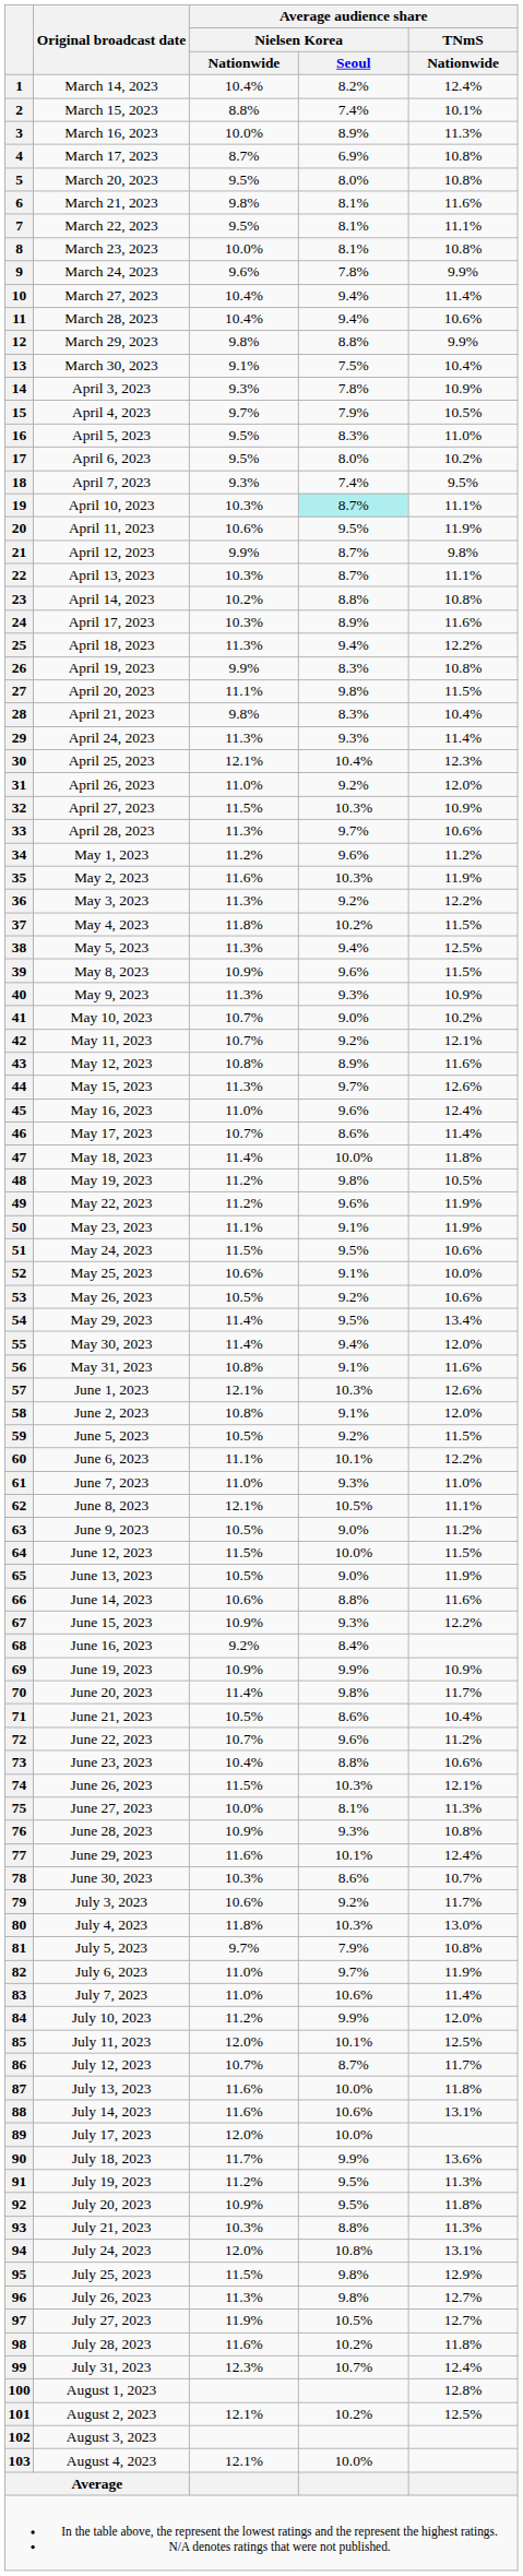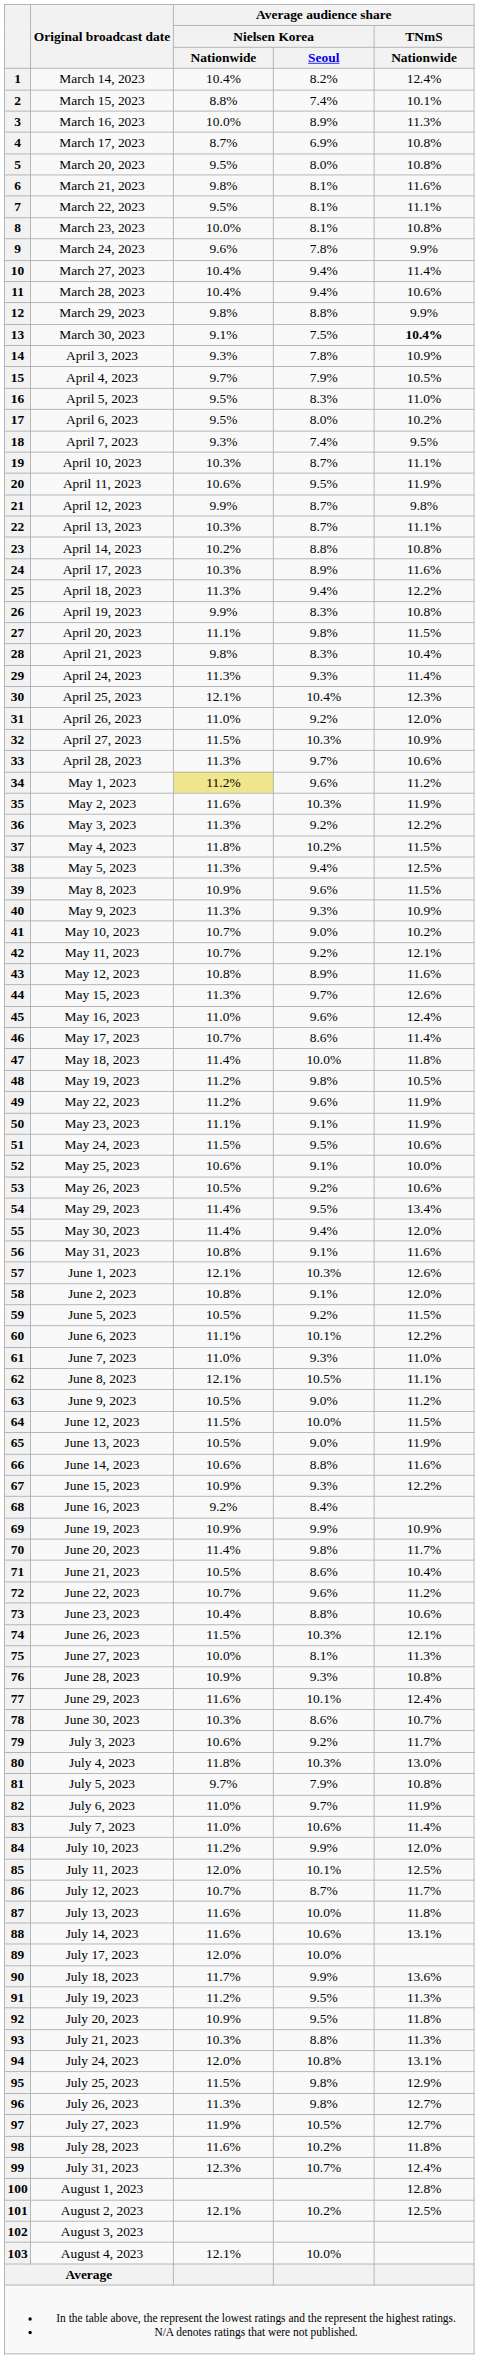 <table class="wikitable plainrowheaders" style="text-align:center; max-width:600px; margin-left:auto; margin-right:auto">
 <tr>
 <th rowspan="3"></th>
 <th rowspan="3">Original broadcast date</th>
 <th colspan="3">Average audience share</th>
 </tr>
 <tr>
 <th colspan="2">Nielsen Korea</th>
 <th scope="col">TNmS</th>
 </tr>
 <tr>
 <th scope="col" style="width:7em">Nationwide</th>
 <th scope="col" style="width:7em"><a href='#'>Seoul</a></th>
 <th scope="col" style="width:7em">Nationwide</th>
 </tr>
 <tr>
 <th>1</th>
 <td>March 14, 2023</td>
 <td>10.4% </td>
 <td>8.2% </td>
 <td>12.4% </td>
 </tr>
 <tr>
 <th>2</th>
 <td>March 15, 2023</td>
 <td>8.8% </td>
 <td>7.4% </td>
 <td>10.1% </td>
 </tr>
 <tr>
 <th>3</th>
 <td>March 16, 2023</td>
 <td>10.0% </td>
 <td>8.9% </td>
 <td>11.3% </td>
 </tr>
 <tr>
 <th>4</th>
 <td>March 17, 2023</td>
 <td>8.7% </td>
 <td>6.9% </td>
 <td>10.8% </td>
 </tr>
 <tr>
 <th>5</th>
 <td>March 20, 2023</td>
 <td>9.5% </td>
 <td>8.0% </td>
 <td>10.8% </td>
 </tr>
 <tr>
 <th>6</th>
 <td>March 21, 2023</td>
 <td>9.8% </td>
 <td>8.1% </td>
 <td>11.6% </td>
 </tr>
 <tr>
 <th>7</th>
 <td>March 22, 2023</td>
 <td>9.5% </td>
 <td>8.1% </td>
 <td>11.1% </td>
 </tr>
 <tr>
 <th>8</th>
 <td>March 23, 2023</td>
 <td>10.0% </td>
 <td>8.1% </td>
 <td>10.8% </td>
 </tr>
 <tr>
 <th>9</th>
 <td>March 24, 2023</td>
 <td>9.6% </td>
 <td>7.8% </td>
 <td>9.9% </td>
 </tr>
 <tr>
 <th>10</th>
 <td>March 27, 2023</td>
 <td>10.4% </td>
 <td>9.4% </td>
 <td>11.4% </td>
 </tr>
 <tr>
 <th>11</th>
 <td>March 28, 2023</td>
 <td>10.4% </td>
 <td>9.4% </td>
 <td>10.6% </td>
 </tr>
 <tr>
 <th>12</th>
 <td>March 29, 2023</td>
 <td>9.8% </td>
 <td>8.8% </td>
 <td>9.9% </td>
 </tr>
 <tr>
 <th>13</th>
 <td>March 30, 2023</td>
 <td>9.1% </td>
 <td>7.5% </td>
-<td>10.4% </td>
+<td><strong>10.4% </strong></td>
 </tr>
 <tr>
 <th>14</th>
 <td>April 3, 2023</td>
 <td>9.3% </td>
 <td>7.8% </td>
 <td>10.9% </td>
 </tr>
 <tr>
 <th>15</th>
 <td>April 4, 2023</td>
 <td>9.7% </td>
 <td>7.9% </td>
 <td>10.5% </td>
 </tr>
 <tr>
 <th>16</th>
 <td>April 5, 2023</td>
 <td>9.5% </td>
 <td>8.3% </td>
 <td>11.0% </td>
 </tr>
 <tr>
 <th>17</th>
 <td>April 6, 2023</td>
 <td>9.5% </td>
 <td>8.0% </td>
 <td>10.2% </td>
 </tr>
 <tr>
 <th>18</th>
 <td>April 7, 2023</td>
 <td>9.3% </td>
 <td>7.4% </td>
 <td>9.5% </td>
 </tr>
 <tr>
 <th>19</th>
 <td>April 10, 2023</td>
 <td>10.3% </td>
-<td style="background: paleturquoise;">8.7% </td>
+<td>8.7% </td>
 <td>11.1% </td>
 </tr>
 <tr>
 <th>20</th>
 <td>April 11, 2023</td>
 <td>10.6% </td>
 <td>9.5% </td>
 <td>11.9% </td>
 </tr>
 <tr>
 <th>21</th>
 <td>April 12, 2023</td>
 <td>9.9% </td>
 <td>8.7% </td>
 <td>9.8% </td>
 </tr>
 <tr>
 <th>22</th>
 <td>April 13, 2023</td>
 <td>10.3% </td>
 <td>8.7% </td>
 <td>11.1% </td>
 </tr>
 <tr>
 <th>23</th>
 <td>April 14, 2023</td>
 <td>10.2% </td>
 <td>8.8% </td>
 <td>10.8% </td>
 </tr>
 <tr>
 <th>24</th>
 <td>April 17, 2023</td>
 <td>10.3% </td>
 <td>8.9% </td>
 <td>11.6% </td>
 </tr>
 <tr>
 <th>25</th>
 <td>April 18, 2023</td>
 <td>11.3% </td>
 <td>9.4% </td>
 <td>12.2% </td>
 </tr>
 <tr>
 <th>26</th>
 <td>April 19, 2023</td>
 <td>9.9% </td>
 <td>8.3% </td>
 <td>10.8% </td>
 </tr>
 <tr>
 <th>27</th>
 <td>April 20, 2023</td>
 <td>11.1% </td>
 <td>9.8% </td>
 <td>11.5% </td>
 </tr>
 <tr>
 <th>28</th>
 <td>April 21, 2023</td>
 <td>9.8% </td>
 <td>8.3% </td>
 <td>10.4% </td>
 </tr>
 <tr>
 <th>29</th>
 <td>April 24, 2023</td>
 <td>11.3% </td>
 <td>9.3% </td>
 <td>11.4% </td>
 </tr>
 <tr>
 <th>30</th>
 <td>April 25, 2023</td>
 <td>12.1% </td>
 <td>10.4% </td>
 <td>12.3% </td>
 </tr>
 <tr>
 <th>31</th>
 <td>April 26, 2023</td>
 <td>11.0% </td>
 <td>9.2% </td>
 <td>12.0% </td>
 </tr>
 <tr>
 <th>32</th>
 <td>April 27, 2023</td>
 <td>11.5% </td>
 <td>10.3% </td>
 <td>10.9% </td>
 </tr>
 <tr>
 <th>33</th>
 <td>April 28, 2023</td>
 <td>11.3% </td>
 <td>9.7% </td>
 <td>10.6% </td>
 </tr>
 <tr>
 <th>34</th>
 <td>May 1, 2023</td>
-<td>11.2% </td>
+<td style="background: khaki;">11.2% </td>
 <td>9.6% </td>
 <td>11.2% </td>
 </tr>
 <tr>
 <th>35</th>
 <td>May 2, 2023</td>
 <td>11.6% </td>
 <td>10.3% </td>
 <td>11.9% </td>
 </tr>
 <tr>
 <th>36</th>
 <td>May 3, 2023</td>
 <td>11.3% </td>
 <td>9.2% </td>
 <td>12.2% </td>
 </tr>
 <tr>
 <th>37</th>
 <td>May 4, 2023</td>
 <td>11.8% </td>
 <td>10.2% </td>
 <td>11.5% </td>
 </tr>
 <tr>
 <th>38</th>
 <td>May 5, 2023</td>
 <td>11.3% </td>
 <td>9.4% </td>
 <td>12.5% </td>
 </tr>
 <tr>
 <th>39</th>
 <td>May 8, 2023</td>
 <td>10.9% </td>
 <td>9.6% </td>
 <td>11.5% </td>
 </tr>
 <tr>
 <th>40</th>
 <td>May 9, 2023</td>
 <td>11.3% </td>
 <td>9.3% </td>
 <td>10.9% </td>
 </tr>
 <tr>
 <th>41</th>
 <td>May 10, 2023</td>
 <td>10.7% </td>
 <td>9.0% </td>
 <td>10.2% </td>
 </tr>
 <tr>
 <th>42</th>
 <td>May 11, 2023</td>
 <td>10.7% </td>
 <td>9.2% </td>
 <td>12.1% </td>
 </tr>
 <tr>
 <th>43</th>
 <td>May 12, 2023</td>
 <td>10.8% </td>
 <td>8.9% </td>
 <td>11.6% </td>
 </tr>
 <tr>
 <th>44</th>
 <td>May 15, 2023</td>
 <td>11.3% </td>
 <td>9.7% </td>
 <td>12.6% </td>
 </tr>
 <tr>
 <th>45</th>
 <td>May 16, 2023</td>
 <td>11.0% </td>
 <td>9.6% </td>
 <td>12.4% </td>
 </tr>
 <tr>
 <th>46</th>
 <td>May 17, 2023</td>
 <td>10.7% </td>
 <td>8.6% </td>
 <td>11.4% </td>
 </tr>
 <tr>
 <th>47</th>
 <td>May 18, 2023</td>
 <td>11.4% </td>
 <td>10.0% </td>
 <td>11.8% </td>
 </tr>
 <tr>
 <th>48</th>
 <td>May 19, 2023</td>
 <td>11.2% </td>
 <td>9.8% </td>
 <td>10.5% </td>
 </tr>
 <tr>
 <th>49</th>
 <td>May 22, 2023</td>
 <td>11.2% </td>
 <td>9.6% </td>
 <td>11.9% </td>
 </tr>
 <tr>
 <th>50</th>
 <td>May 23, 2023</td>
 <td>11.1% </td>
 <td>9.1% </td>
 <td>11.9% </td>
 </tr>
 <tr>
 <th>51</th>
 <td>May 24, 2023</td>
 <td>11.5% </td>
 <td>9.5% </td>
 <td>10.6% </td>
 </tr>
 <tr>
 <th>52</th>
 <td>May 25, 2023</td>
 <td>10.6% </td>
 <td>9.1% </td>
 <td>10.0% </td>
 </tr>
 <tr>
 <th>53</th>
 <td>May 26, 2023</td>
 <td>10.5% </td>
 <td>9.2% </td>
 <td>10.6% </td>
 </tr>
 <tr>
 <th>54</th>
 <td>May 29, 2023</td>
 <td>11.4% </td>
 <td>9.5% </td>
 <td>13.4% </td>
 </tr>
 <tr>
 <th>55</th>
 <td>May 30, 2023</td>
 <td>11.4% </td>
 <td>9.4% </td>
 <td>12.0% </td>
 </tr>
 <tr>
 <th>56</th>
 <td>May 31, 2023</td>
 <td>10.8% </td>
 <td>9.1% </td>
 <td>11.6% </td>
 </tr>
 <tr>
 <th>57</th>
 <td>June 1, 2023</td>
 <td>12.1% </td>
 <td>10.3% </td>
 <td>12.6% </td>
 </tr>
 <tr>
 <th>58</th>
 <td>June 2, 2023</td>
 <td>10.8% </td>
 <td>9.1% </td>
 <td>12.0% </td>
 </tr>
 <tr>
 <th>59</th>
 <td>June 5, 2023</td>
 <td>10.5% </td>
 <td>9.2% </td>
 <td>11.5% </td>
 </tr>
 <tr>
 <th>60</th>
 <td>June 6, 2023</td>
 <td>11.1% </td>
 <td>10.1% </td>
 <td>12.2% </td>
 </tr>
 <tr>
 <th>61</th>
 <td>June 7, 2023</td>
 <td>11.0% </td>
 <td>9.3% </td>
 <td>11.0% </td>
 </tr>
 <tr>
 <th>62</th>
 <td>June 8, 2023</td>
 <td>12.1% </td>
 <td>10.5% </td>
 <td>11.1% </td>
 </tr>
 <tr>
 <th>63</th>
 <td>June 9, 2023</td>
 <td>10.5% </td>
 <td>9.0% </td>
 <td>11.2% </td>
 </tr>
 <tr>
 <th>64</th>
 <td>June 12, 2023</td>
 <td>11.5% </td>
 <td>10.0% </td>
 <td>11.5% </td>
 </tr>
 <tr>
 <th>65</th>
 <td>June 13, 2023</td>
 <td>10.5% </td>
 <td>9.0% </td>
 <td>11.9% </td>
 </tr>
 <tr>
 <th>66</th>
 <td>June 14, 2023</td>
 <td>10.6% </td>
 <td>8.8% </td>
 <td>11.6% </td>
 </tr>
 <tr>
 <th>67</th>
 <td>June 15, 2023</td>
 <td>10.9% </td>
 <td>9.3% </td>
 <td>12.2% </td>
 </tr>
 <tr>
 <th>68</th>
 <td>June 16, 2023</td>
 <td>9.2% </td>
 <td>8.4% </td>
 <td></td>
 </tr>
 <tr>
 <th>69</th>
 <td>June 19, 2023</td>
 <td>10.9% </td>
 <td>9.9% </td>
 <td>10.9% </td>
 </tr>
 <tr>
 <th>70</th>
 <td>June 20, 2023</td>
 <td>11.4% </td>
 <td>9.8% </td>
 <td>11.7% </td>
 </tr>
 <tr>
 <th>71</th>
 <td>June 21, 2023</td>
 <td>10.5% </td>
 <td>8.6% </td>
 <td>10.4% </td>
 </tr>
 <tr>
 <th>72</th>
 <td>June 22, 2023</td>
 <td>10.7% </td>
 <td>9.6% </td>
 <td>11.2% </td>
 </tr>
 <tr>
 <th>73</th>
 <td>June 23, 2023</td>
 <td>10.4% </td>
 <td>8.8% </td>
 <td>10.6% </td>
 </tr>
 <tr>
 <th>74</th>
 <td>June 26, 2023</td>
 <td>11.5% </td>
 <td>10.3% </td>
 <td>12.1% </td>
 </tr>
 <tr>
 <th>75</th>
 <td>June 27, 2023</td>
 <td>10.0% </td>
 <td>8.1% </td>
 <td>11.3% </td>
 </tr>
 <tr>
 <th>76</th>
 <td>June 28, 2023</td>
 <td>10.9% </td>
 <td>9.3% </td>
 <td>10.8% </td>
 </tr>
 <tr>
 <th>77</th>
 <td>June 29, 2023</td>
 <td>11.6% </td>
 <td>10.1% </td>
 <td>12.4% </td>
 </tr>
 <tr>
 <th>78</th>
 <td>June 30, 2023</td>
 <td>10.3% </td>
 <td>8.6% </td>
 <td>10.7% </td>
 </tr>
 <tr>
 <th>79</th>
 <td>July 3, 2023</td>
 <td>10.6% </td>
 <td>9.2% </td>
 <td>11.7% </td>
 </tr>
 <tr>
 <th>80</th>
 <td>July 4, 2023</td>
 <td>11.8% </td>
 <td>10.3% </td>
 <td>13.0% </td>
 </tr>
 <tr>
 <th>81</th>
 <td>July 5, 2023</td>
 <td>9.7% </td>
 <td>7.9% </td>
 <td>10.8% </td>
 </tr>
 <tr>
 <th>82</th>
 <td>July 6, 2023</td>
 <td>11.0% </td>
 <td>9.7% </td>
 <td>11.9% </td>
 </tr>
 <tr>
 <th>83</th>
 <td>July 7, 2023</td>
 <td>11.0% </td>
 <td>10.6% </td>
 <td>11.4% </td>
 </tr>
 <tr>
 <th>84</th>
 <td>July 10, 2023</td>
 <td>11.2% </td>
 <td>9.9% </td>
 <td>12.0% </td>
 </tr>
 <tr>
 <th>85</th>
 <td>July 11, 2023</td>
 <td>12.0% </td>
 <td>10.1% </td>
 <td>12.5% </td>
 </tr>
 <tr>
 <th>86</th>
 <td>July 12, 2023</td>
 <td>10.7% </td>
 <td>8.7% </td>
 <td>11.7% </td>
 </tr>
 <tr>
 <th>87</th>
 <td>July 13, 2023</td>
 <td>11.6% </td>
 <td>10.0% </td>
 <td>11.8% </td>
 </tr>
 <tr>
 <th>88</th>
 <td>July 14, 2023</td>
 <td>11.6% </td>
 <td>10.6% </td>
 <td>13.1% </td>
 </tr>
 <tr>
 <th>89</th>
 <td>July 17, 2023</td>
 <td>12.0% </td>
 <td>10.0% </td>
 <td><strong></strong> </td>
 </tr>
 <tr>
 <th>90</th>
 <td>July 18, 2023</td>
 <td>11.7% </td>
 <td>9.9% </td>
 <td>13.6% </td>
 </tr>
 <tr>
 <th>91</th>
 <td>July 19, 2023</td>
 <td>11.2% </td>
 <td>9.5% </td>
 <td>11.3% </td>
 </tr>
 <tr>
 <th>92</th>
 <td>July 20, 2023</td>
 <td>10.9% </td>
 <td>9.5% </td>
 <td>11.8% </td>
 </tr>
 <tr>
 <th>93</th>
 <td>July 21, 2023</td>
 <td>10.3% </td>
 <td>8.8% </td>
 <td>11.3% </td>
 </tr>
 <tr>
 <th>94</th>
 <td>July 24, 2023</td>
 <td>12.0% </td>
 <td>10.8% </td>
 <td>13.1% </td>
 </tr>
 <tr>
 <th>95</th>
 <td>July 25, 2023</td>
 <td>11.5% </td>
 <td>9.8% </td>
 <td>12.9% </td>
 </tr>
 <tr>
 <th>96</th>
 <td>July 26, 2023</td>
 <td>11.3% </td>
 <td>9.8% </td>
 <td>12.7% </td>
 </tr>
 <tr>
 <th>97</th>
 <td>July 27, 2023</td>
 <td>11.9% </td>
 <td>10.5% </td>
 <td>12.7% </td>
 </tr>
 <tr>
 <th>98</th>
 <td>July 28, 2023</td>
 <td>11.6% </td>
 <td>10.2% </td>
 <td>11.8% </td>
 </tr>
 <tr>
 <th>99</th>
 <td>July 31, 2023</td>
 <td>12.3% </td>
 <td>10.7% </td>
 <td>12.4% </td>
 </tr>
 <tr>
 <th>100</th>
 <td>August 1, 2023</td>
 <td><strong></strong> </td>
 <td><strong></strong> </td>
 <td>12.8% </td>
 </tr>
 <tr>
 <th>101</th>
 <td>August 2, 2023</td>
 <td>12.1% </td>
 <td>10.2% </td>
 <td>12.5% </td>
 </tr>
 <tr>
 <th>102</th>
 <td>August 3, 2023</td>
 <td><strong></strong> </td>
 <td><strong></strong> </td>
 <td><strong></strong> </td>
 </tr>
 <tr>
 <th>103</th>
 <td>August 4, 2023</td>
 <td>12.1% </td>
 <td>10.0% </td>
 <td></td>
 </tr>
 <tr>
 <th colspan="2">Average</th>
 <th></th>
 <th></th>
 <th></th>
 </tr>
 <tr>
 <td colspan="5" style="font-size:85%"><br><ul><li>In the table above, the <strong></strong> represent the lowest ratings and the <strong></strong> represent the highest ratings.</li><li>N/A denotes ratings that were not published.</li></ul></td>
 </tr>
 </table>
